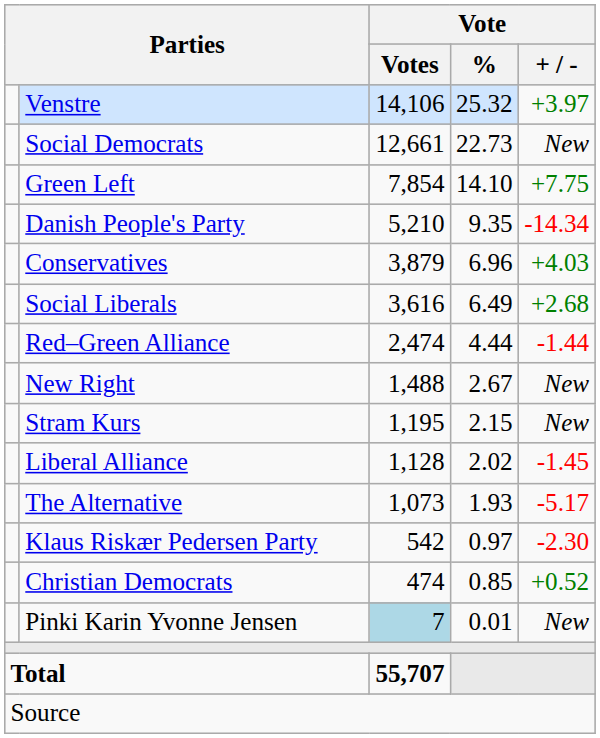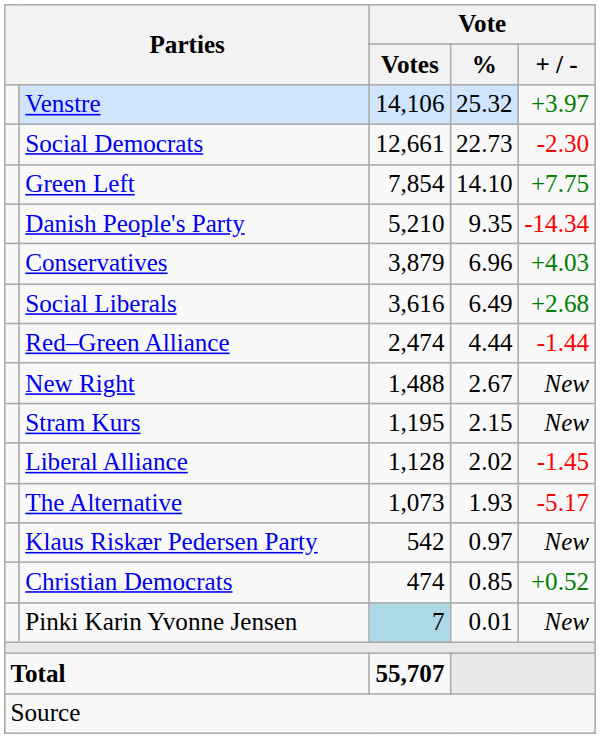 <table class="wikitable" style="text-align:right;">
 <tr>
 <th style="text-align:centre;" rowspan="2" colspan="2" width="225">Parties</th>
 <th colspan="3">Vote</th>
 </tr>
 <tr>
 <th width="15">Votes</th>
 <th width="15">%</th>
 <th width="15">+ / -</th>
 </tr>
 <tr>
 <td width="2" style="color:inherit;background:"></td>
 <td bgcolor=#cfe5fe  align="left"><a href='#'>Venstre</a></td>
 <td bgcolor=#cfe5fe>14,106</td>
 <td bgcolor=#cfe5fe>25.32</td>
 <td style=color:green;>+3.97</td>
 </tr>
 <tr>
 <td width="2" style="color:inherit;background:"></td>
 <td align="left"><a href='#'>Social Democrats</a></td>
 <td>12,661</td>
 <td>22.73</td>
-<td><em>New</em></td>
+<td style=color:red;>-2.30</td>
 </tr>
 <tr>
 <td width="2" style="color:inherit;background:"></td>
 <td align="left"><a href='#'>Green Left</a></td>
 <td>7,854</td>
 <td>14.10</td>
 <td style=color:green;>+7.75</td>
 </tr>
 <tr>
 <td width="2" style="color:inherit;background:"></td>
 <td align="left"><a href='#'>Danish People's Party</a></td>
 <td>5,210</td>
 <td>9.35</td>
 <td style=color:red;>-14.34</td>
 </tr>
 <tr>
 <td width="2" style="color:inherit;background:"></td>
 <td align="left"><a href='#'>Conservatives</a></td>
 <td>3,879</td>
 <td>6.96</td>
 <td style=color:green;>+4.03</td>
 </tr>
 <tr>
 <td width="2" style="color:inherit;background:"></td>
 <td align="left"><a href='#'>Social Liberals</a></td>
 <td>3,616</td>
 <td>6.49</td>
 <td style=color:green;>+2.68</td>
 </tr>
 <tr>
 <td width="2" style="color:inherit;background:"></td>
 <td align="left"><a href='#'>Red–Green Alliance</a></td>
 <td>2,474</td>
 <td>4.44</td>
 <td style=color:red;>-1.44</td>
 </tr>
 <tr>
 <td width="2" style="color:inherit;background:"></td>
 <td align="left"><a href='#'>New Right</a></td>
 <td>1,488</td>
 <td>2.67</td>
 <td><em>New</em></td>
 </tr>
 <tr>
 <td width="2" style="color:inherit;background:"></td>
 <td align="left"><a href='#'>Stram Kurs</a></td>
 <td>1,195</td>
 <td>2.15</td>
 <td><em>New</em></td>
 </tr>
 <tr>
 <td width="2" style="color:inherit;background:"></td>
 <td align="left"><a href='#'>Liberal Alliance</a></td>
 <td>1,128</td>
 <td>2.02</td>
 <td style=color:red;>-1.45</td>
 </tr>
 <tr>
 <td width="2" style="color:inherit;background:"></td>
 <td align="left"><a href='#'>The Alternative</a></td>
 <td>1,073</td>
 <td>1.93</td>
 <td style=color:red;>-5.17</td>
 </tr>
 <tr>
 <td width="2" style="color:inherit;background:"></td>
 <td align="left"><a href='#'>Klaus Riskær Pedersen Party</a></td>
 <td>542</td>
 <td>0.97</td>
-<td style=color:red;>-2.30</td>
+<td><em>New</em></td>
 </tr>
 <tr>
 <td width="2" style="color:inherit;background:"></td>
 <td align="left"><a href='#'>Christian Democrats</a></td>
 <td>474</td>
 <td>0.85</td>
 <td style=color:green;>+0.52</td>
 </tr>
 <tr>
 <td width="2" style="color:inherit;background:"></td>
 <td align="left">Pinki Karin Yvonne Jensen</td>
 <td style="background: lightblue;">7</td>
 <td>0.01</td>
 <td><em>New</em></td>
 </tr>
 <tr>
 <td colspan="7" bgcolor="#E9E9E9"></td>
 </tr>
 <tr>
 <td align="left" colspan="2"><strong>Total</strong></td>
 <td><strong>55,707</strong></td>
 <td bgcolor="#E9E9E9" colspan="2"></td>
 </tr>
 <tr>
 <td align="left" colspan="6">Source</td>
 </tr>
 </table>
